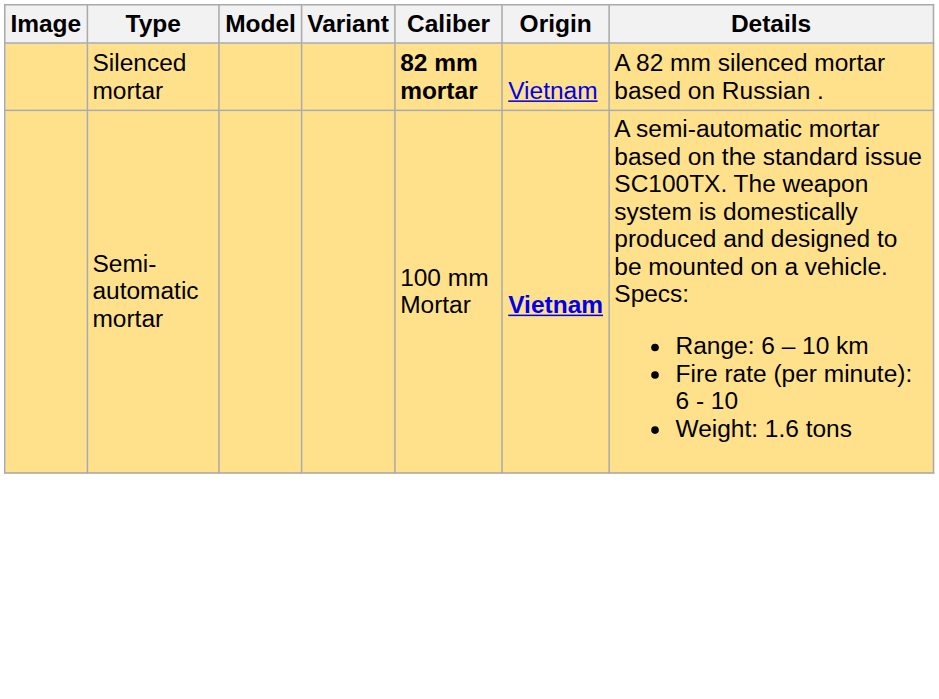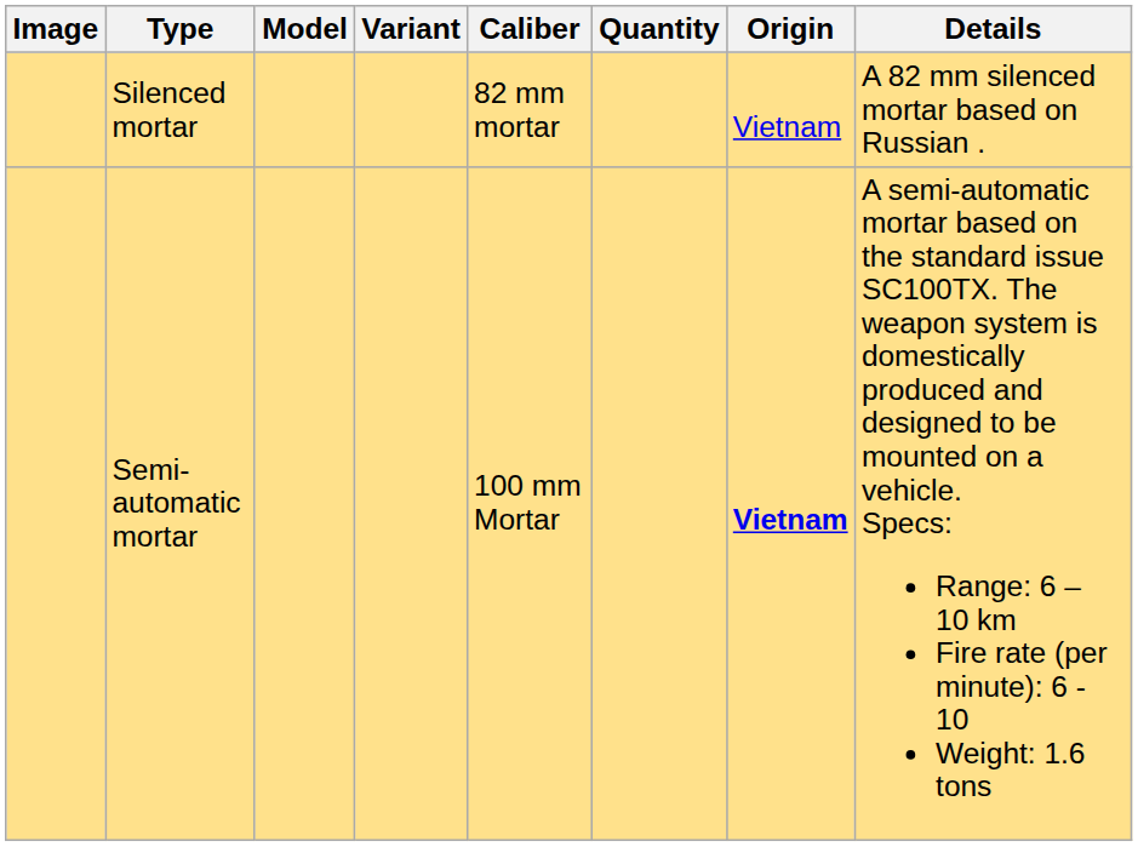 <table class="wikitable">
 <tr>
 <th>Image</th>
 <th>Type</th>
 <th>Model</th>
 <th>Variant</th>
 <th>Caliber</th>
+<th>Quantity</th>
 <th>Origin</th>
 <th>Details</th>
 </tr>
 <tr>
 <td style="background: #FFE18B"></td>
 <td style="background: #FFE18B">Silenced mortar</td>
 <td style="background: #FFE18B"></td>
 <td style="background: #FFE18B"></td>
-<td style="background: #FFE18B"><strong>82 mm mortar</strong></td>
+<td style="background: #FFE18B">82 mm mortar</td>
+<td style="background: #FFE18B"></td>
 <td style="background: #FFE18B"><br><a href='#'>Vietnam</a></td>
 <td style="background: #FFE18B">A 82 mm silenced mortar based on Russian .</td>
 </tr>
 <tr>
 <td style="background: #FFE18B"></td>
 <td style="background: #FFE18B">Semi-automatic mortar</td>
 <td style="background: #FFE18B"></td>
 <td style="background: #FFE18B"></td>
 <td style="background: #FFE18B">100 mm Mortar</td>
+<td style="background: #FFE18B"></td>
 <td style="background: #FFE18B"><strong><br><a href='#'>Vietnam</a></strong></td>
 <td style="background: #FFE18B">A semi-automatic mortar based on the standard issue SC100TX. The weapon system is domestically produced and designed to be mounted on a vehicle.<br>Specs:<ul><li>Range: 6 – 10 km</li><li>Fire rate (per minute): 6 - 10</li><li>Weight: 1.6 tons</li></ul></td>
 </tr>
 </table>
